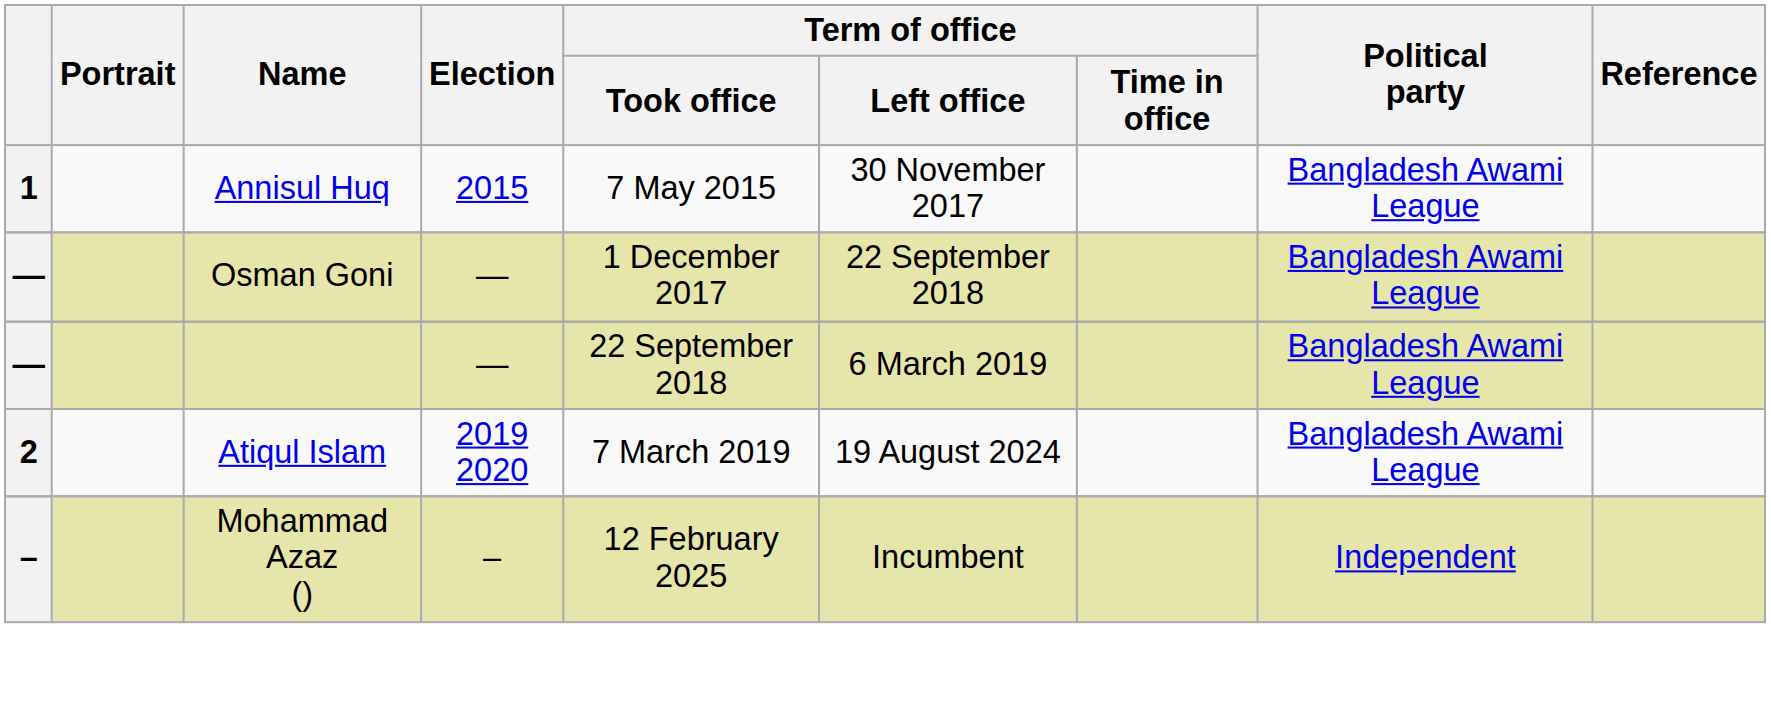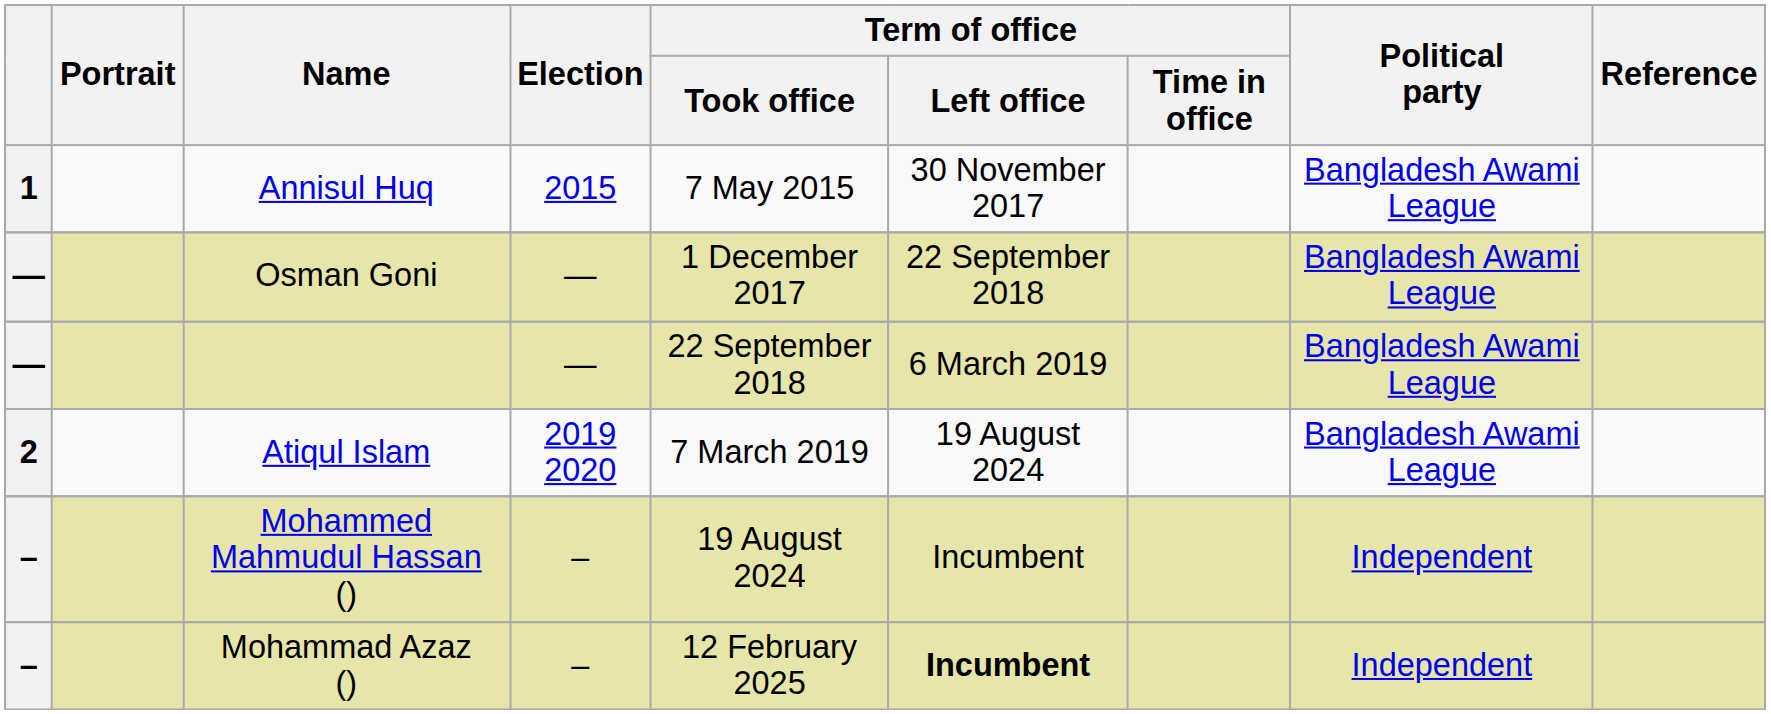 <table class="wikitable" style="text-align:center">
 <tr>
 <th rowspan="2"></th>
 <th rowspan="2">Portrait</th>
 <th rowspan="2">Name<br></th>
 <th rowspan="2">Election</th>
 <th colspan="3"><strong>Term of office</strong></th>
 <th rowspan="2"><strong>Political<br> party</strong></th>
 <th rowspan="2"><strong>Reference</strong></th>
 </tr>
 <tr>
 <th><strong>Took office</strong></th>
 <th><strong>Left office</strong></th>
 <th><strong>Time in office</strong></th>
 </tr>
 <tr>
 <th style="background:">1</th>
 <td align=center></td>
 <td><a href='#'>Annisul Huq</a><br></td>
 <td><a href='#'>2015</a></td>
 <td align=center>7 May 2015</td>
 <td align=center>30 November 2017</td>
 <td></td>
 <td><a href='#'>Bangladesh Awami League</a></td>
 <td></td>
 </tr>
 <tr>
 </tr>
 <tr style="background:#e6e6aa;">
 <th style="background:">—</th>
 <td align=center></td>
 <td>Osman Goni<br></td>
 <td>—</td>
 <td align=center>1 December 2017</td>
 <td align=center>22 September 2018</td>
 <td></td>
 <td><a href='#'>Bangladesh Awami League</a></td>
 <td></td>
 </tr>
 <tr>
 </tr>
 <tr style="background:#e6e6aa;">
 <th style="background:">—</th>
 <td align=center></td>
 <td></td>
 <td>—</td>
 <td align=center>22 September 2018</td>
 <td align=center>6 March 2019</td>
 <td></td>
 <td><a href='#'>Bangladesh Awami League</a></td>
 <td></td>
 </tr>
 <tr>
 <th style="background:">2</th>
 <td align=center></td>
 <td><a href='#'>Atiqul Islam</a></td>
 <td><a href='#'>2019</a><br><a href='#'>2020</a></td>
 <td align=center>7 March 2019</td>
 <td align=center>19 August 2024</td>
 <td></td>
 <td><a href='#'>Bangladesh Awami League</a></td>
 <td></td>
 </tr>
 <tr>
 </tr>
+<tr style="background:#e6e6aa;">
+<th style="background:">–</th>
+<td align=center></td>
+<td><a href='#'>Mohammed Mahmudul Hassan</a><br>()</td>
+<td>–</td>
+<td align=center>19 August 2024</td>
+<td align=center>Incumbent</td>
+<td></td>
+<td><a href='#'>Independent</a></td>
+<td></td>
+</tr>
 <tr>
 </tr>
 <tr style="background:#e6e6aa;">
 <th style="background:">–</th>
 <td align=center></td>
 <td>Mohammad Azaz <br>()</td>
 <td>–</td>
 <td align=center>12 February 2025</td>
-<td align=center>Incumbent</td>
+<td align=center><strong>Incumbent</strong></td>
 <td></td>
 <td><a href='#'>Independent</a></td>
 <td></td>
 </tr>
 </table>
